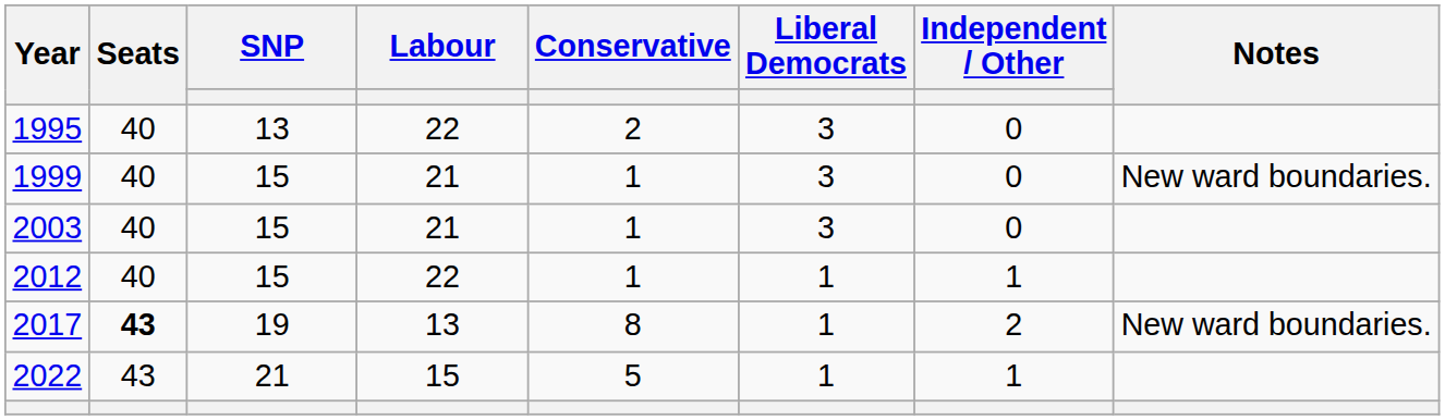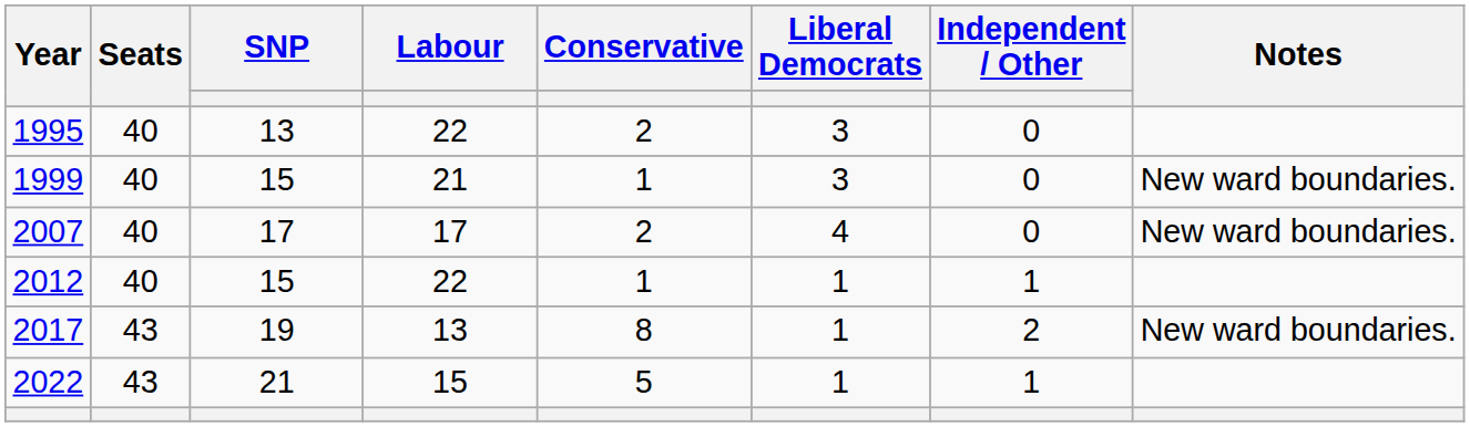 <table class="wikitable" style=text-align:center>
 <tr>
 <th rowspan=2><strong>Year</strong></th>
 <th rowspan=2><strong>Seats</strong></th>
 <th width="80"><a href='#'><strong>SNP</strong></a></th>
 <th width="80"><a href='#'><strong>Labour</strong></a></th>
 <th width="80"><a href='#'><strong>Conservative</strong></a></th>
 <th width="80"><a href='#'><strong>Liberal Democrats</strong></a></th>
 <th width="80"><a href='#'><strong>Independent / Other</strong></a></th>
 <th rowspan=2><strong>Notes</strong></th>
 </tr>
 <tr>
 <th style="background-color: "></th>
 <th style="background-color: "></th>
 <th style="background-color: "></th>
 <th style="background-color: "></th>
 <th style="background-color: "></th>
 </tr>
 <tr>
 <td><a href='#'>1995</a></td>
 <td>40</td>
 <td>13</td>
 <td>22</td>
 <td>2</td>
 <td>3</td>
 <td>0</td>
 <td align=left></td>
 </tr>
 <tr>
 <td><a href='#'>1999</a></td>
 <td>40</td>
 <td>15</td>
 <td>21</td>
 <td>1</td>
 <td>3</td>
 <td>0</td>
 <td align=left>New ward boundaries.</td>
 </tr>
 <tr>
-<td><a href='#'>2003</a></td>
+<td><a href='#'>2007</a></td>
 <td>40</td>
-<td>15</td>
-<td>21</td>
-<td>1</td>
-<td>3</td>
+<td>17</td>
+<td>17</td>
+<td>2</td>
+<td>4</td>
 <td>0</td>
-<td align=left></td>
+<td align=left>New ward boundaries.</td>
 </tr>
 <tr>
 <td><a href='#'>2012</a></td>
 <td>40</td>
 <td>15</td>
 <td>22</td>
 <td>1</td>
 <td>1</td>
 <td>1</td>
 <td align=left></td>
 </tr>
 <tr>
 <td><a href='#'>2017</a></td>
-<td><strong>43</strong></td>
+<td>43</td>
 <td>19</td>
 <td>13</td>
 <td>8</td>
 <td>1</td>
 <td>2</td>
 <td align=left>New ward boundaries.</td>
 </tr>
 <tr>
 <td><a href='#'>2022</a></td>
 <td>43</td>
 <td>21</td>
 <td>15</td>
 <td>5</td>
 <td>1</td>
 <td>1</td>
 <td align=left></td>
 </tr>
 <tr>
 <th></th>
 <th></th>
 <th style="background-color: "></th>
 <th style="background-color: "></th>
 <th style="background-color: "></th>
 <th style="background-color: "></th>
 <th style="background-color: "></th>
 <th></th>
 </tr>
 </table>
